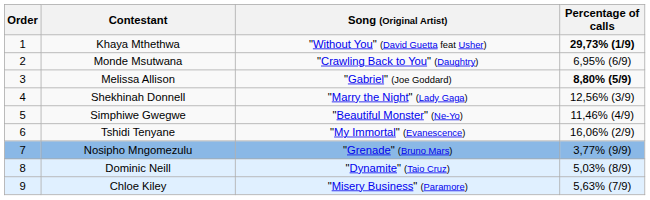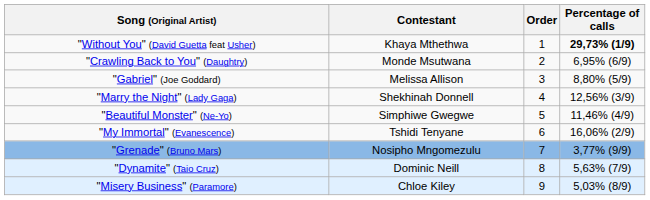 <table class="wikitable" style="font-size:90%; width:65%; text-align: center;">
 <tr>
+<th width="50%">Song <small>(Original Artist)</small></th>
+<th width="30%">Contestant</th>
 <th width="05%">Order</th>
-<th width="30%">Contestant</th>
-<th width="50%">Song <small>(Original Artist)</small></th>
 <th width="13%">Percentage of calls</th>
 </tr>
 <tr>
+<td>"<a href='#'>Without You</a>" <small>(<a href='#'>David Guetta</a> feat <a href='#'>Usher</a>)</small></td>
+<td>Khaya Mthethwa</td>
 <td>1</td>
-<td>Khaya Mthethwa</td>
-<td>"<a href='#'>Without You</a>" <small>(<a href='#'>David Guetta</a> feat <a href='#'>Usher</a>)</small></td>
 <td><strong>29,73% (1/9)</strong></td>
 </tr>
 <tr>
+<td>"<a href='#'>Crawling Back to You</a>" <small>(<a href='#'>Daughtry</a>)</small></td>
+<td>Monde Msutwana</td>
 <td>2</td>
-<td>Monde Msutwana</td>
-<td>"<a href='#'>Crawling Back to You</a>" <small>(<a href='#'>Daughtry</a>)</small></td>
 <td>6,95% (6/9)</td>
 </tr>
 <tr>
+<td>"<a href='#'>Gabriel</a>" <small>(Joe Goddard)</small></td>
+<td>Melissa Allison</td>
 <td>3</td>
-<td>Melissa Allison</td>
-<td>"<a href='#'>Gabriel</a>" <small>(Joe Goddard)</small></td>
-<td><strong>8,80% (5/9)</strong></td>
+<td>8,80% (5/9)</td>
 </tr>
 <tr>
+<td>"<a href='#'>Marry the Night</a>" <small>(<a href='#'>Lady Gaga</a>)</small></td>
+<td>Shekhinah Donnell</td>
 <td>4</td>
-<td>Shekhinah Donnell</td>
-<td>"<a href='#'>Marry the Night</a>" <small>(<a href='#'>Lady Gaga</a>)</small></td>
 <td>12,56% (3/9)</td>
 </tr>
 <tr>
+<td>"<a href='#'>Beautiful Monster</a>" <small>(<a href='#'>Ne-Yo</a>)</small></td>
+<td>Simphiwe Gwegwe</td>
 <td>5</td>
-<td>Simphiwe Gwegwe</td>
-<td>"<a href='#'>Beautiful Monster</a>" <small>(<a href='#'>Ne-Yo</a>)</small></td>
 <td>11,46% (4/9)</td>
 </tr>
 <tr>
+<td>"<a href='#'>My Immortal</a>" <small>(<a href='#'>Evanescence</a>)</small></td>
+<td>Tshidi Tenyane</td>
 <td>6</td>
-<td>Tshidi Tenyane</td>
-<td>"<a href='#'>My Immortal</a>" <small>(<a href='#'>Evanescence</a>)</small></td>
 <td>16,06% (2/9)</td>
 </tr>
 <tr bgcolor="#8AB8E6">
+<td>"<a href='#'>Grenade</a>" <small>(<a href='#'>Bruno Mars</a>)</small></td>
+<td>Nosipho Mngomezulu</td>
 <td>7</td>
-<td>Nosipho Mngomezulu</td>
-<td>"<a href='#'>Grenade</a>" <small>(<a href='#'>Bruno Mars</a>)</small></td>
 <td>3,77% (9/9)</td>
 </tr>
 <tr style="background:#e0f0ff;">
+<td>"<a href='#'>Dynamite</a>" <small>(<a href='#'>Taio Cruz</a>)</small></td>
+<td>Dominic Neill</td>
 <td>8</td>
-<td>Dominic Neill</td>
-<td>"<a href='#'>Dynamite</a>" <small>(<a href='#'>Taio Cruz</a>)</small></td>
+<td>5,63% (7/9)</td>
+</tr>
+<tr style="background:#e0f0ff;">
+<td>"<a href='#'>Misery Business</a>" <small>(<a href='#'>Paramore</a>)</small></td>
+<td>Chloe Kiley</td>
+<td>9</td>
 <td>5,03% (8/9)</td>
 </tr>
-<tr style="background:#e0f0ff;">
-<td>9</td>
-<td>Chloe Kiley</td>
-<td>"<a href='#'>Misery Business</a>" <small>(<a href='#'>Paramore</a>)</small></td>
-<td>5,63% (7/9)</td>
-</tr>
 </table>
